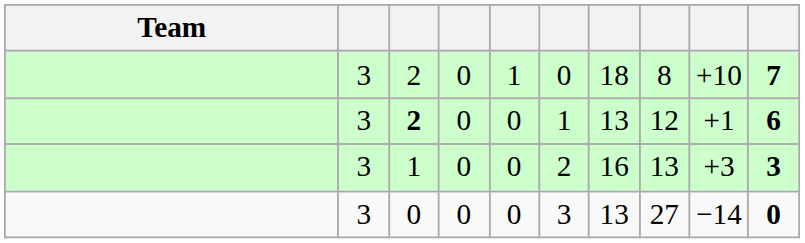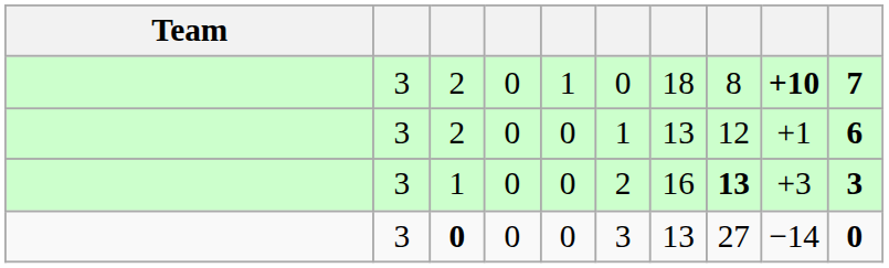 <table class="wikitable" style="text-align: center;">
 <tr>
 <th width="175">Team</th>
 <th width="20"></th>
 <th width="20"></th>
 <th width="20"></th>
 <th width="20"></th>
 <th width="20"></th>
 <th width="20"></th>
 <th width="20"></th>
 <th width="20"></th>
 <th width="20"></th>
 </tr>
 <tr bgcolor=#ccffcc>
 <td align=left></td>
 <td>3</td>
 <td>2</td>
 <td>0</td>
 <td>1</td>
 <td>0</td>
 <td>18</td>
 <td>8</td>
-<td>+10</td>
+<td><strong>+10</strong></td>
 <td><strong>7</strong></td>
 </tr>
 <tr bgcolor=#ccffcc>
 <td align=left></td>
 <td>3</td>
-<td><strong>2</strong></td>
+<td>2</td>
 <td>0</td>
 <td>0</td>
 <td>1</td>
 <td>13</td>
 <td>12</td>
 <td>+1</td>
 <td><strong>6</strong></td>
 </tr>
 <tr bgcolor=#ccffcc>
 <td align=left></td>
 <td>3</td>
 <td>1</td>
 <td>0</td>
 <td>0</td>
 <td>2</td>
 <td>16</td>
-<td>13</td>
+<td><strong>13</strong></td>
 <td>+3</td>
 <td><strong>3</strong></td>
 </tr>
 <tr>
 <td align=left></td>
 <td>3</td>
-<td>0</td>
+<td><strong>0</strong></td>
 <td>0</td>
 <td>0</td>
 <td>3</td>
 <td>13</td>
 <td>27</td>
 <td>−14</td>
 <td><strong>0</strong></td>
 </tr>
 </table>
